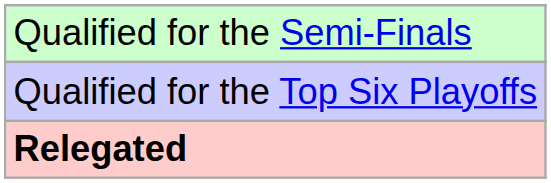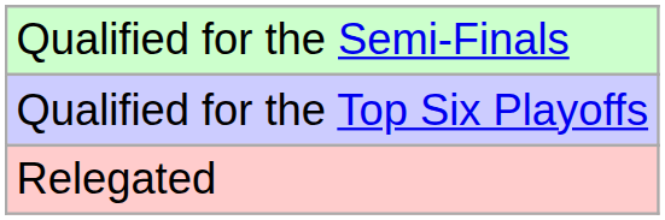 <table class="wikitable">
 <tr>
 </tr>
 <tr width=10px style="background:#ccffcc;">
 <td>Qualified for the <a href='#'>Semi-Finals</a></td>
 </tr>
 <tr>
 </tr>
 <tr width=10px style="background:#ccccff;">
 <td>Qualified for the <a href='#'>Top Six Playoffs</a></td>
 </tr>
 <tr>
 </tr>
 <tr width=10px style="background:#ffcccc;">
-<td><strong>Relegated</strong></td>
+<td>Relegated</td>
 </tr>
 </table>
